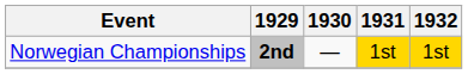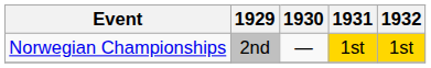 <table class="wikitable">
 <tr>
 <th>Event</th>
 <th>1929</th>
 <th>1930</th>
 <th>1931</th>
 <th>1932</th>
 </tr>
 <tr>
 <td><a href='#'>Norwegian Championships</a></td>
-<td align="center" bgcolor="silver"><strong>2nd</strong></td>
+<td align="center" bgcolor="silver">2nd</td>
 <td align="center">—</td>
 <td align="center" bgcolor="gold">1st</td>
 <td align="center" bgcolor="gold">1st</td>
 </tr>
 <tr>
 </tr>
 </table>
